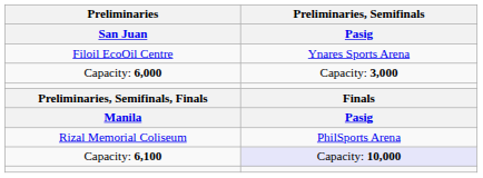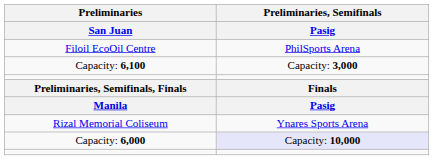 <table class="wikitable" style="text-align:center">
 <tr>
 <th width=300>Preliminaries</th>
 <th width=300>Preliminaries, Semifinals</th>
 </tr>
 <tr>
 <th><a href='#'>San Juan</a></th>
 <th><a href='#'>Pasig</a></th>
 </tr>
 <tr>
 <td><a href='#'>Filoil EcoOil Centre</a></td>
-<td><a href='#'>Ynares Sports Arena</a></td>
+<td><a href='#'>PhilSports Arena</a></td>
 </tr>
 <tr>
-<td>Capacity: <strong>6,000</strong></td>
+<td>Capacity: <strong>6,100</strong></td>
 <td>Capacity: <strong>3,000</strong></td>
 </tr>
 <tr>
 <td></td>
 <td></td>
 </tr>
 <tr>
 <th width=300>Preliminaries, Semifinals, Finals</th>
 <th width=300>Finals</th>
 </tr>
 <tr>
 <th><a href='#'>Manila</a></th>
 <th><a href='#'>Pasig</a></th>
 </tr>
 <tr>
 <td><a href='#'>Rizal Memorial Coliseum</a></td>
-<td><a href='#'>PhilSports Arena</a></td>
+<td><a href='#'>Ynares Sports Arena</a></td>
 </tr>
 <tr>
-<td>Capacity: <strong>6,100</strong></td>
+<td>Capacity: <strong>6,000</strong></td>
 <td style="background: lavender;">Capacity: <strong>10,000</strong></td>
 </tr>
 <tr>
 <td></td>
 <td></td>
 </tr>
 </table>
